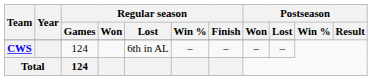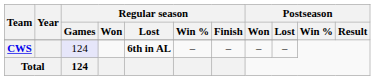 <table class="wikitable" style="font-size: 95%; text-align:center;">
 <tr>
 <th rowspan="2">Team</th>
 <th rowspan="2">Year</th>
 <th colspan="5">Regular season</th>
 <th colspan="4">Postseason</th>
 </tr>
 <tr>
 <th>Games</th>
 <th>Won</th>
 <th>Lost</th>
 <th>Win %</th>
 <th>Finish</th>
 <th>Won</th>
 <th>Lost</th>
 <th>Win %</th>
 <th>Result</th>
 </tr>
 <tr>
 </tr>
 <tr>
 <th><a href='#'>CWS</a></th>
 <th></th>
-<td>124</td>
+<td style="background: lavender;">124</td>
 <td></td>
-<td>6th in AL</td>
+<td><strong>6th in AL</strong></td>
 <td>–</td>
 <td>–</td>
 <td>–</td>
 <td>–</td>
 </tr>
 <tr>
 <th colspan="2">Total</th>
 <th>124</th>
 <th></th>
 <th></th>
 <th></th>
 <th></th>
 </tr>
 </table>
